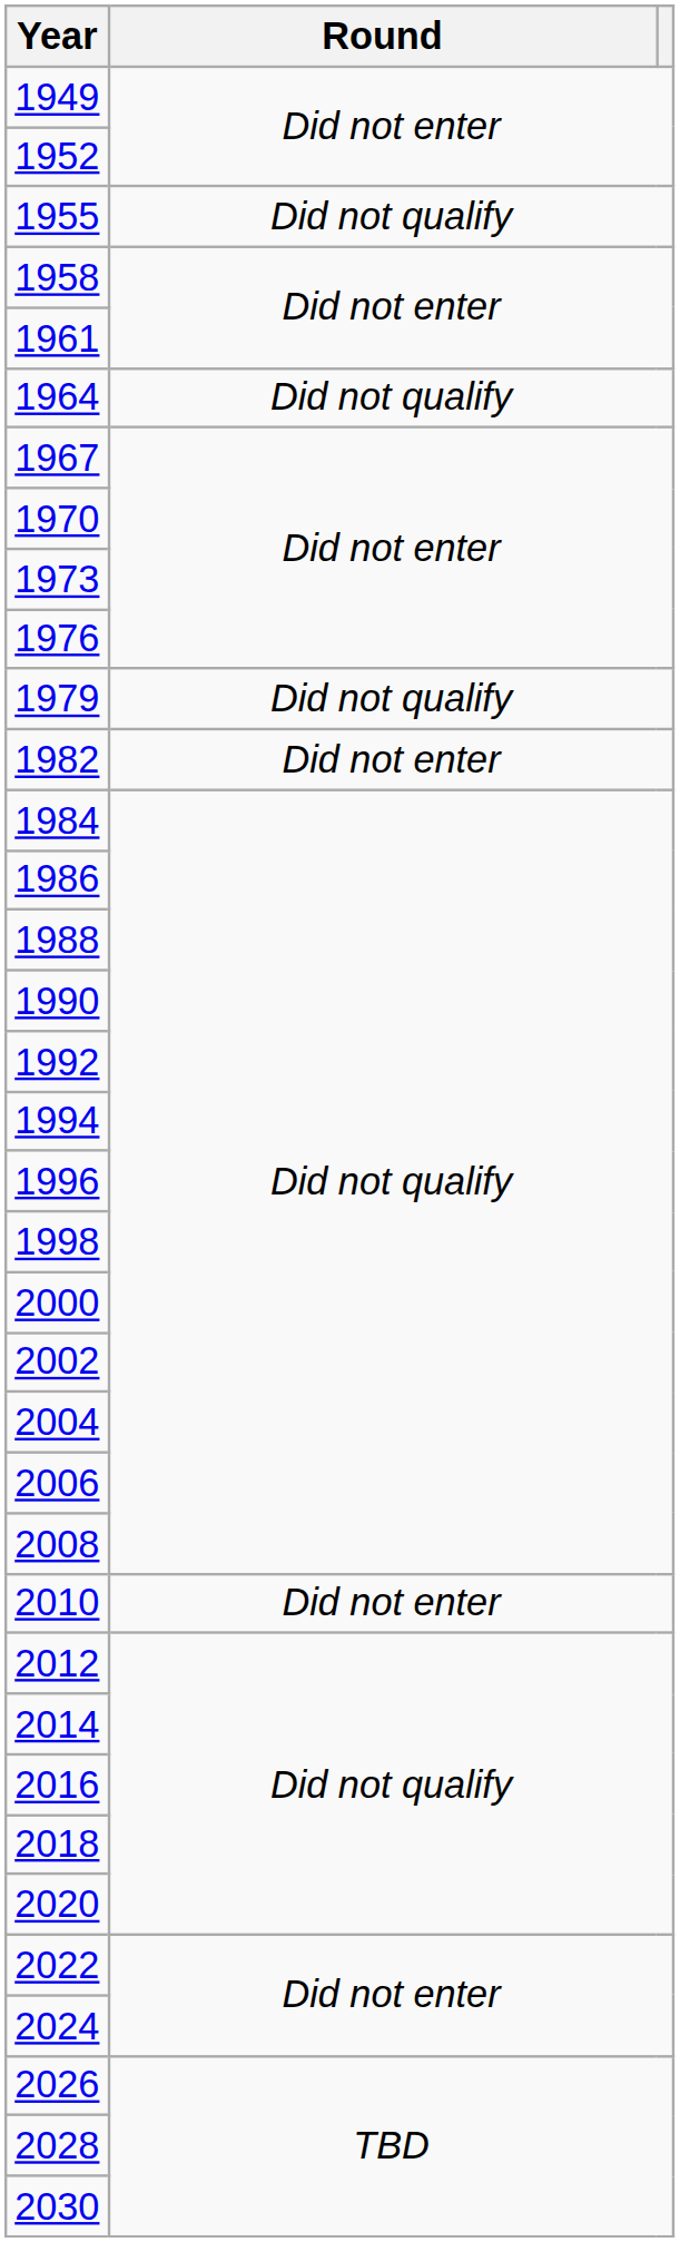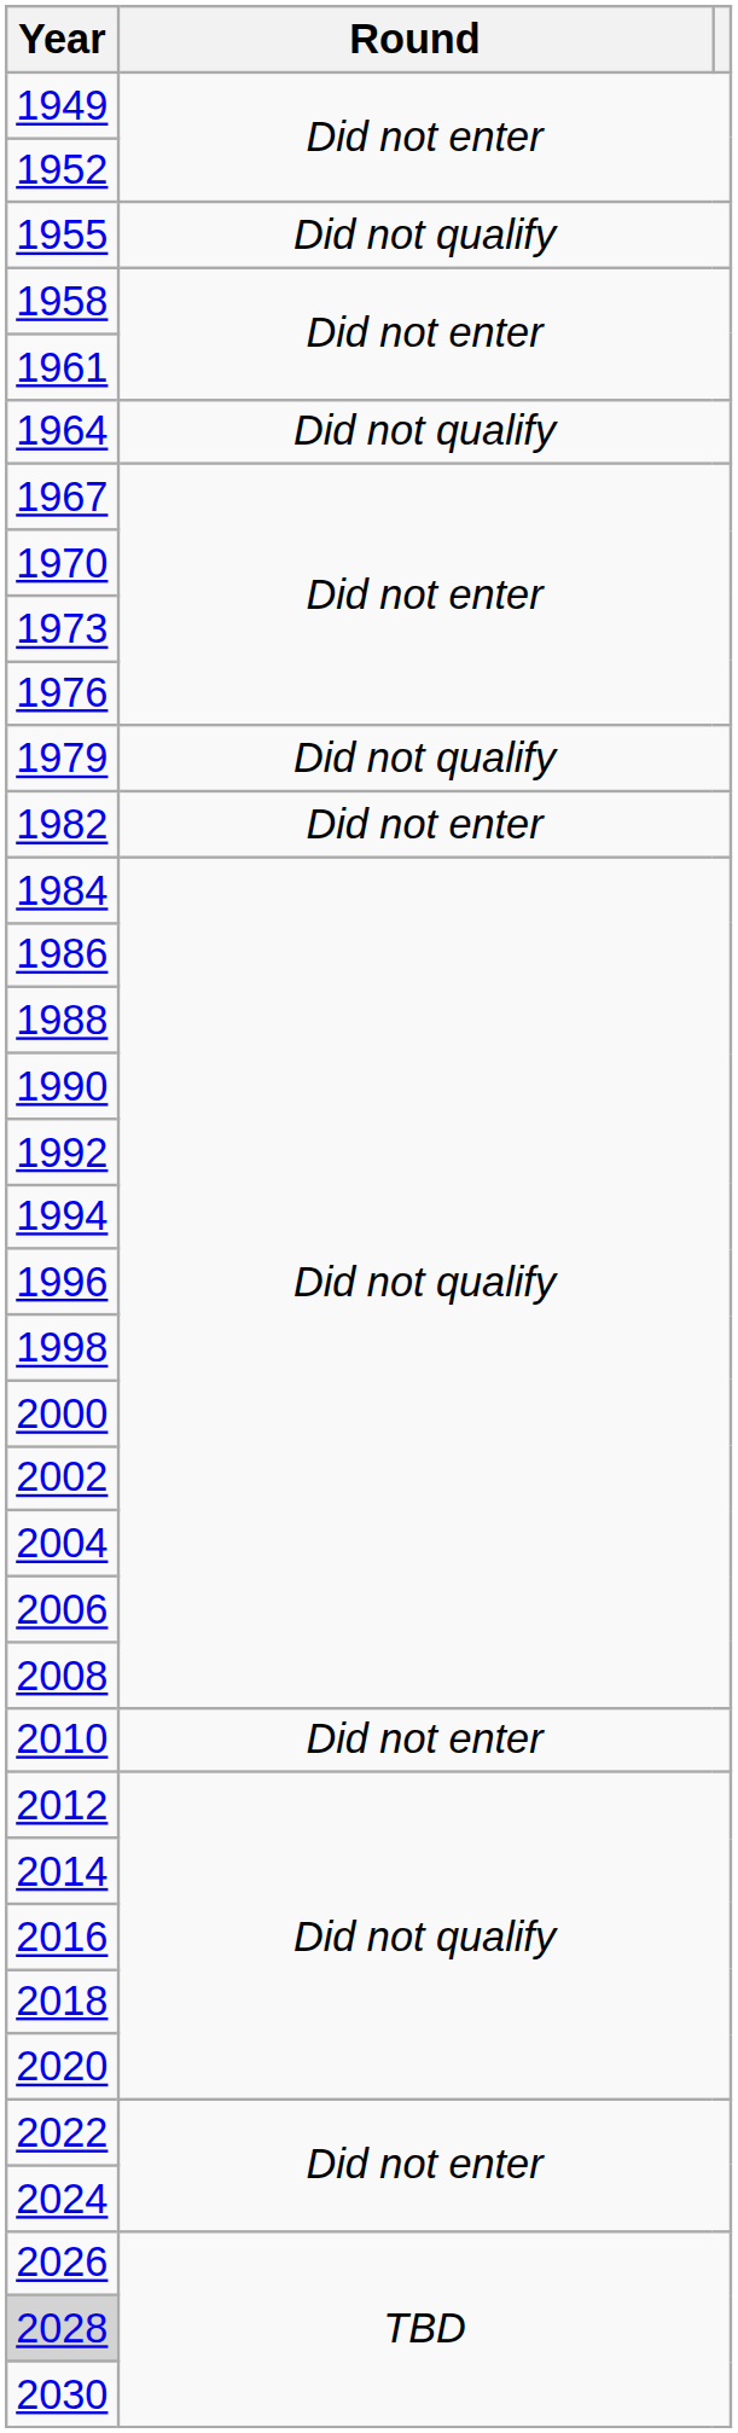 <table class="wikitable" style="text-align: center; font-size:90%">
 <tr>
 <th>Year</th>
 <th style="width:200px">Round</th>
 <th></th>
 </tr>
 <tr>
 <td><a href='#'>1949</a></td>
 <td colspan="2" rowspan="2"><em>Did not enter</em></td>
 </tr>
 <tr>
 <td><a href='#'>1952</a></td>
 </tr>
 <tr>
 <td><a href='#'>1955</a></td>
 <td colspan="2"><em>Did not qualify</em></td>
 </tr>
 <tr>
 <td><a href='#'>1958</a></td>
 <td colspan="2" rowspan="2"><em>Did not enter</em></td>
 </tr>
 <tr>
 <td><a href='#'>1961</a></td>
 </tr>
 <tr>
 <td><a href='#'>1964</a></td>
 <td colspan="2"><em>Did not qualify</em></td>
 </tr>
 <tr>
 <td><a href='#'>1967</a></td>
 <td colspan="2" rowspan="4"><em>Did not enter</em></td>
 </tr>
 <tr>
 <td><a href='#'>1970</a></td>
 </tr>
 <tr>
 <td><a href='#'>1973</a></td>
 </tr>
 <tr>
 <td><a href='#'>1976</a></td>
 </tr>
 <tr>
 <td><a href='#'>1979</a></td>
 <td colspan="2"><em>Did not qualify</em></td>
 </tr>
 <tr>
 <td><a href='#'>1982</a></td>
 <td colspan="2"><em>Did not enter</em></td>
 </tr>
 <tr>
 <td><a href='#'>1984</a></td>
 <td colspan="2" rowspan="13"><em>Did not qualify</em></td>
 </tr>
 <tr>
 <td><a href='#'>1986</a></td>
 </tr>
 <tr>
 <td><a href='#'>1988</a></td>
 </tr>
 <tr>
 <td><a href='#'>1990</a></td>
 </tr>
 <tr>
 <td><a href='#'>1992</a></td>
 </tr>
 <tr>
 <td><a href='#'>1994</a></td>
 </tr>
 <tr>
 <td><a href='#'>1996</a></td>
 </tr>
 <tr>
 <td><a href='#'>1998</a></td>
 </tr>
 <tr>
 <td><a href='#'>2000</a></td>
 </tr>
 <tr>
 <td><a href='#'>2002</a></td>
 </tr>
 <tr>
 <td><a href='#'>2004</a></td>
 </tr>
 <tr>
 <td><a href='#'>2006</a></td>
 </tr>
 <tr>
 <td><a href='#'>2008</a></td>
 </tr>
 <tr>
 <td><a href='#'>2010</a></td>
 <td colspan="2"><em>Did not enter</em></td>
 </tr>
 <tr>
 <td><a href='#'>2012</a></td>
 <td colspan="2" rowspan="5"><em>Did not qualify</em></td>
 </tr>
 <tr>
 <td><a href='#'>2014</a></td>
 </tr>
 <tr>
 <td><a href='#'>2016</a></td>
 </tr>
 <tr>
 <td><a href='#'>2018</a></td>
 </tr>
 <tr>
 <td><a href='#'>2020</a></td>
 </tr>
 <tr>
 <td><a href='#'>2022</a></td>
 <td colspan="2" rowspan="2"><em>Did not enter</em></td>
 </tr>
 <tr>
 <td><a href='#'>2024</a></td>
 </tr>
 <tr>
 <td><a href='#'>2026</a></td>
 <td colspan="2" rowspan="3"><em>TBD</em></td>
 </tr>
 <tr>
-<td><a href='#'>2028</a></td>
+<td style="background: lightgrey;"><a href='#'>2028</a></td>
 </tr>
 <tr>
 <td><a href='#'>2030</a></td>
 </tr>
 </table>
